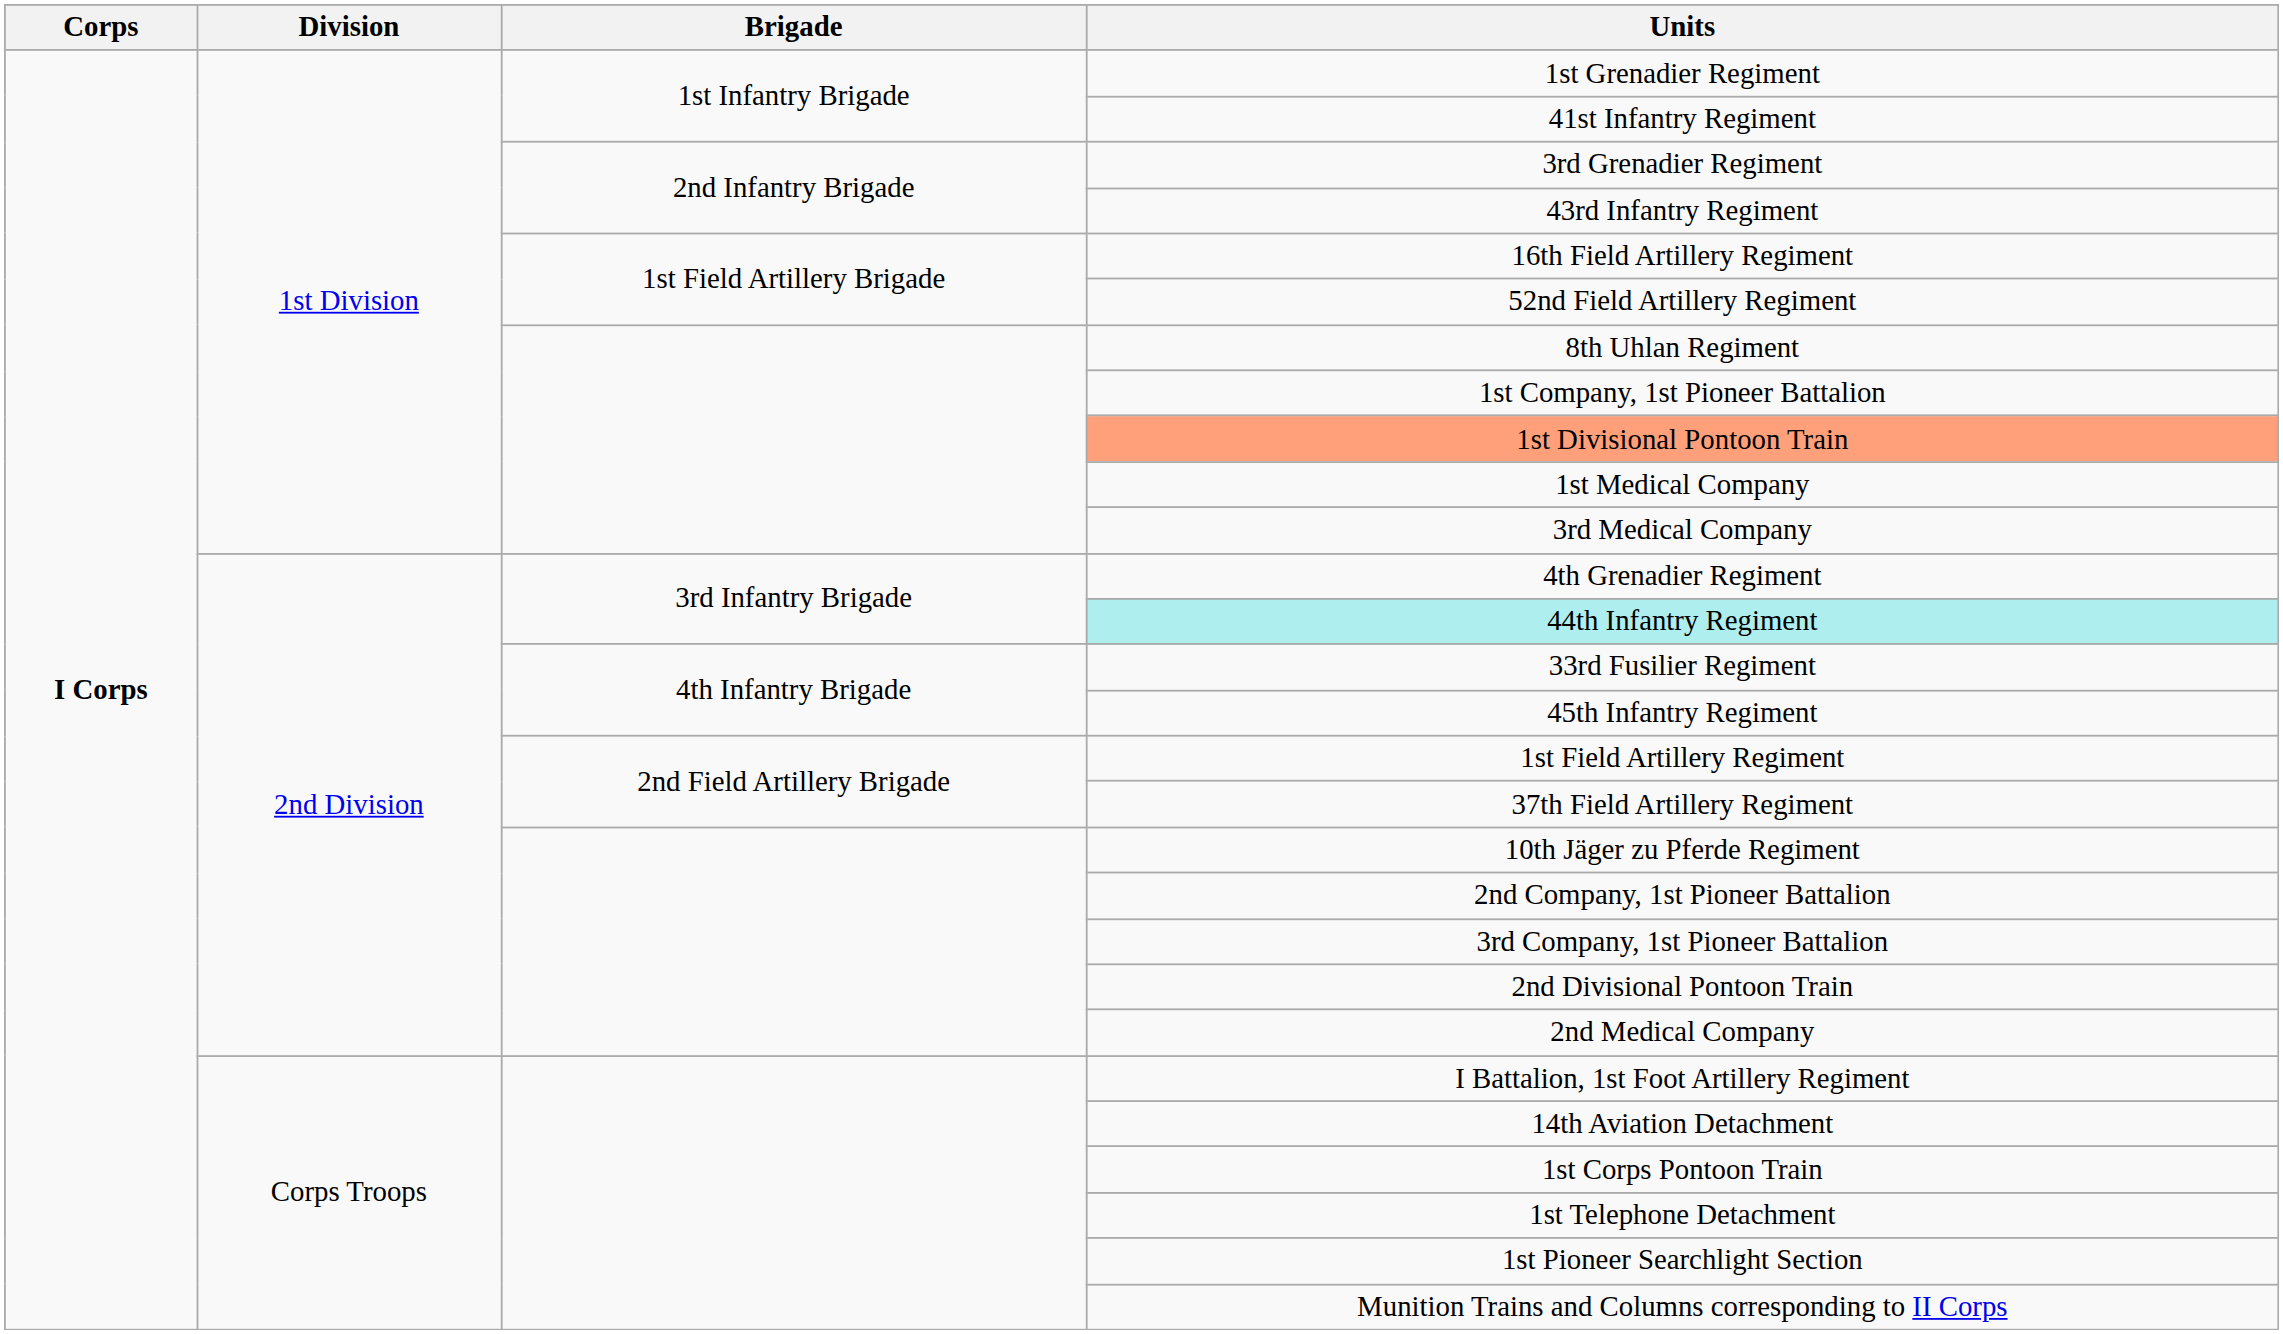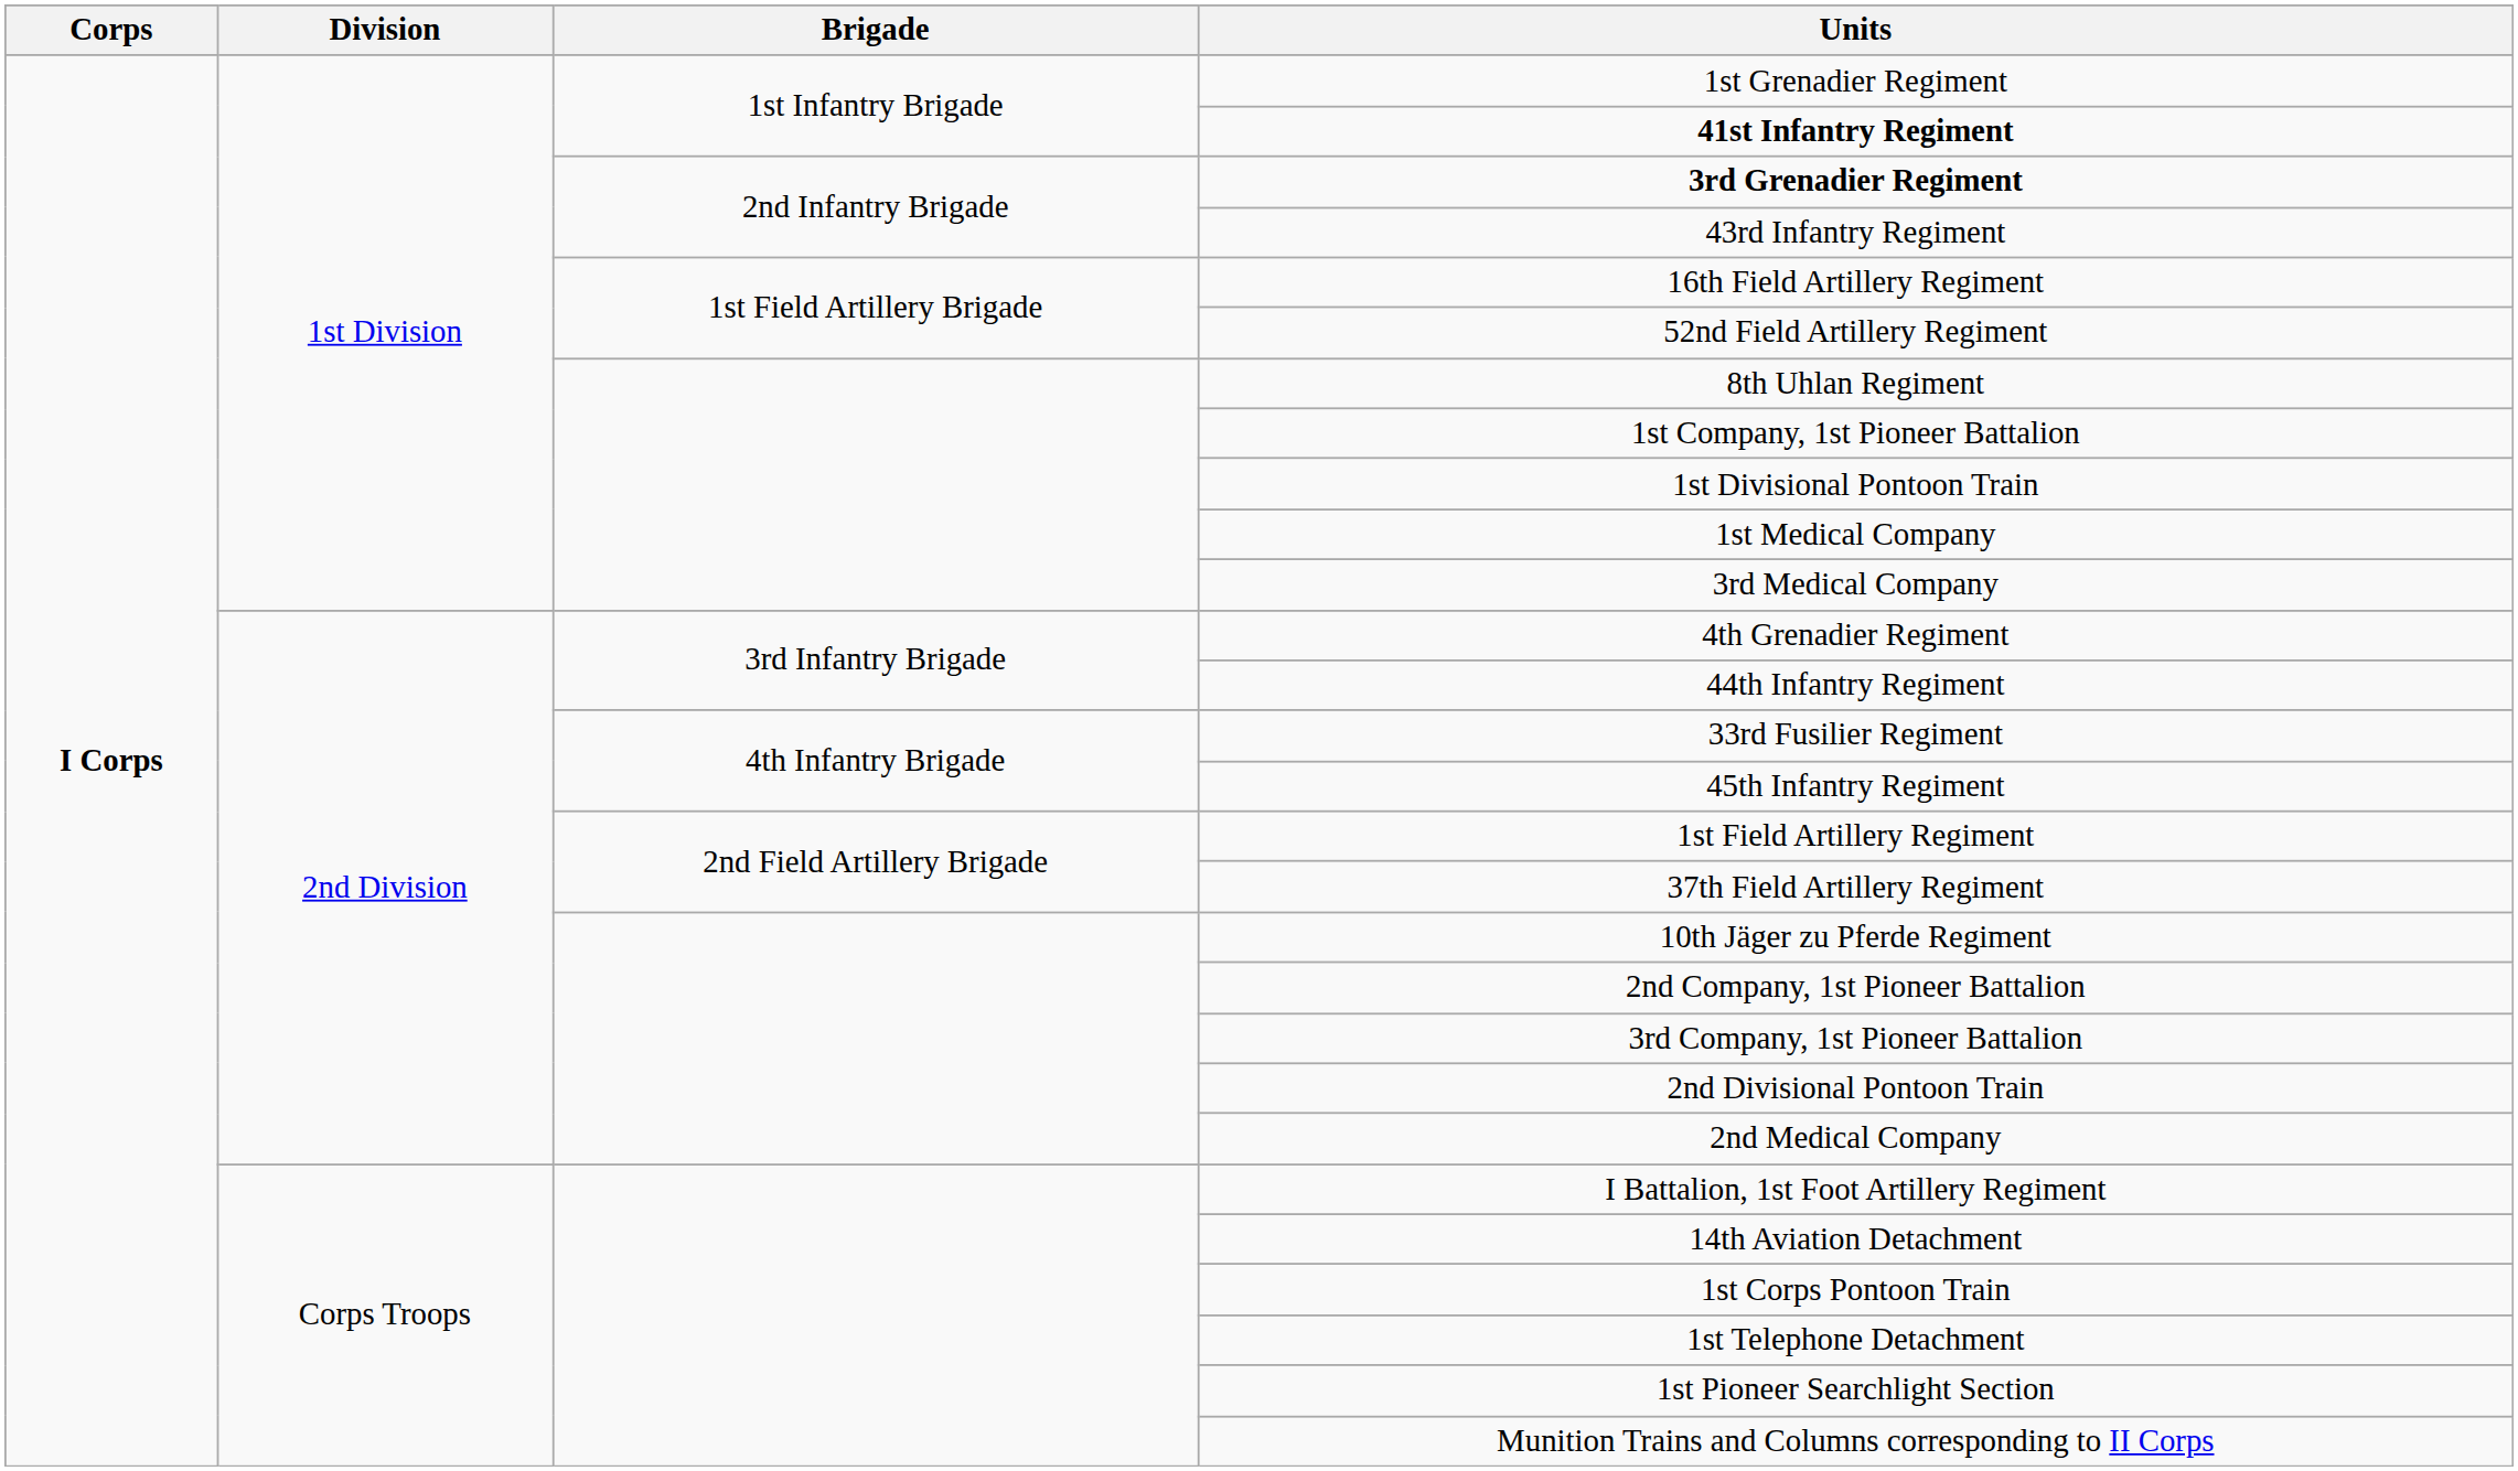 <table class="wikitable collapsible collapsed" style="text-align:center; width:100%;">
 <tr>
 <th>Corps</th>
 <th>Division</th>
 <th>Brigade</th>
 <th>Units</th>
 </tr>
 <tr>
 <td ROWSPAN=28><strong>I Corps</strong></td>
 <td ROWSPAN=11><a href='#'>1st Division</a></td>
 <td ROWSPAN=2>1st Infantry Brigade</td>
 <td>1st Grenadier Regiment</td>
 </tr>
 <tr>
-<td>41st Infantry Regiment</td>
+<td><strong>41st Infantry Regiment</strong></td>
 </tr>
 <tr>
 <td ROWSPAN=2>2nd Infantry Brigade</td>
-<td>3rd Grenadier Regiment</td>
+<td><strong>3rd Grenadier Regiment</strong></td>
 </tr>
 <tr>
 <td>43rd Infantry Regiment</td>
 </tr>
 <tr>
 <td ROWSPAN=2>1st Field Artillery Brigade</td>
 <td>16th Field Artillery Regiment</td>
 </tr>
 <tr>
 <td>52nd Field Artillery Regiment</td>
 </tr>
 <tr>
 <td ROWSPAN=5></td>
 <td>8th Uhlan Regiment</td>
 </tr>
 <tr>
 <td>1st Company, 1st Pioneer Battalion</td>
 </tr>
 <tr>
-<td style="background: lightsalmon;">1st Divisional Pontoon Train</td>
+<td>1st Divisional Pontoon Train</td>
 </tr>
 <tr>
 <td>1st Medical Company</td>
 </tr>
 <tr>
 <td>3rd Medical Company</td>
 </tr>
 <tr>
 <td ROWSPAN=11><a href='#'>2nd Division</a></td>
 <td ROWSPAN=2>3rd Infantry Brigade</td>
 <td>4th Grenadier Regiment</td>
 </tr>
 <tr>
-<td style="background: paleturquoise;">44th Infantry Regiment</td>
+<td>44th Infantry Regiment</td>
 </tr>
 <tr>
 <td ROWSPAN=2>4th Infantry Brigade</td>
 <td>33rd Fusilier Regiment</td>
 </tr>
 <tr>
 <td>45th Infantry Regiment</td>
 </tr>
 <tr>
 <td ROWSPAN=2>2nd Field Artillery Brigade</td>
 <td>1st Field Artillery Regiment</td>
 </tr>
 <tr>
 <td>37th Field Artillery Regiment</td>
 </tr>
 <tr>
 <td ROWSPAN=5></td>
 <td>10th Jäger zu Pferde Regiment</td>
 </tr>
 <tr>
 <td>2nd Company, 1st Pioneer Battalion</td>
 </tr>
 <tr>
 <td>3rd Company, 1st Pioneer Battalion</td>
 </tr>
 <tr>
 <td>2nd Divisional Pontoon Train</td>
 </tr>
 <tr>
 <td>2nd Medical Company</td>
 </tr>
 <tr>
 <td ROWSPAN=6>Corps Troops</td>
 <td ROWSPAN=6></td>
 <td>I Battalion, 1st Foot Artillery Regiment</td>
 </tr>
 <tr>
 <td>14th Aviation Detachment</td>
 </tr>
 <tr>
 <td>1st Corps Pontoon Train</td>
 </tr>
 <tr>
 <td>1st Telephone Detachment</td>
 </tr>
 <tr>
 <td>1st Pioneer Searchlight Section</td>
 </tr>
 <tr>
 <td>Munition Trains and Columns corresponding to <a href='#'>II Corps</a></td>
 </tr>
 </table>
